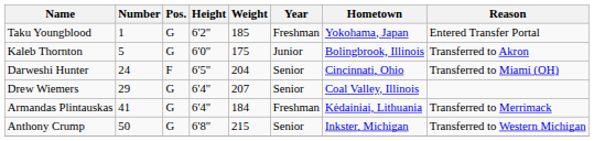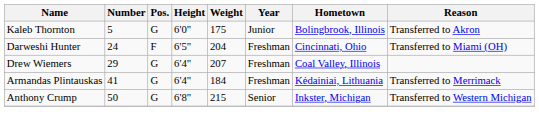 <table class="wikitable sortable sortable" border="1">
 <tr align=center>
 <th style="background:#">Name</th>
 <th style="background:#">Number</th>
 <th style="background:#">Pos.</th>
 <th style="background:#">Height</th>
 <th style="background:#">Weight</th>
 <th style="background:#">Year</th>
 <th style="background:#">Hometown</th>
 <th style="background:#">Reason</th>
-</tr>
-<tr>
-<td>Taku Youngblood</td>
-<td>1</td>
-<td>G</td>
-<td>6'2"</td>
-<td>185</td>
-<td>Freshman</td>
-<td><a href='#'>Yokohama, Japan</a></td>
-<td>Entered Transfer Portal</td>
 </tr>
 <tr>
 <td>Kaleb Thornton</td>
 <td>5</td>
 <td>G</td>
 <td>6'0"</td>
 <td>175</td>
 <td>Junior</td>
 <td><a href='#'>Bolingbrook, Illinois</a></td>
 <td>Transferred to <a href='#'>Akron</a></td>
 </tr>
 <tr>
 <td>Darweshi Hunter</td>
 <td>24</td>
 <td>F</td>
 <td>6'5"</td>
 <td>204</td>
-<td>Senior</td>
+<td>Freshman</td>
 <td><a href='#'>Cincinnati, Ohio</a></td>
 <td>Transferred to <a href='#'>Miami (OH)</a></td>
 </tr>
 <tr>
 <td>Drew Wiemers</td>
 <td>29</td>
 <td>G</td>
 <td>6'4"</td>
 <td>207</td>
-<td>Senior</td>
+<td>Freshman</td>
 <td><a href='#'>Coal Valley, Illinois</a></td>
 <td></td>
 </tr>
 <tr>
 <td>Armandas Plintauskas</td>
 <td>41</td>
 <td>G</td>
 <td>6'4"</td>
 <td>184</td>
 <td>Freshman</td>
 <td><a href='#'>Kėdainiai, Lithuania</a></td>
 <td>Transferred to <a href='#'>Merrimack</a></td>
 </tr>
 <tr>
 <td>Anthony Crump</td>
 <td>50</td>
 <td>G</td>
 <td>6'8"</td>
 <td>215</td>
 <td>Senior</td>
 <td><a href='#'>Inkster, Michigan</a></td>
 <td>Transferred to <a href='#'>Western Michigan</a></td>
 </tr>
 <tr>
 </tr>
 </table>
